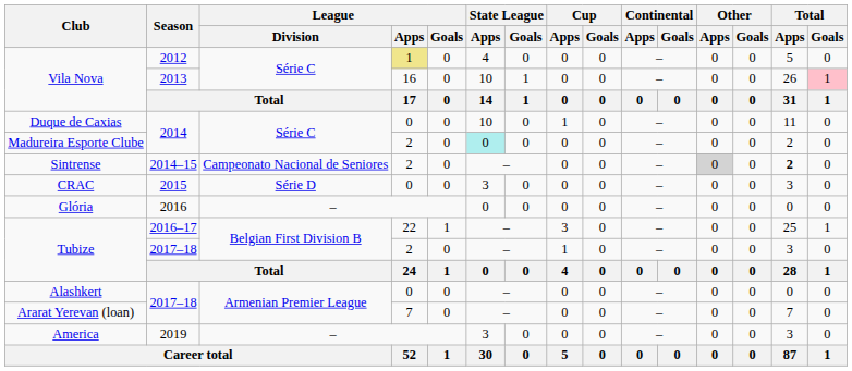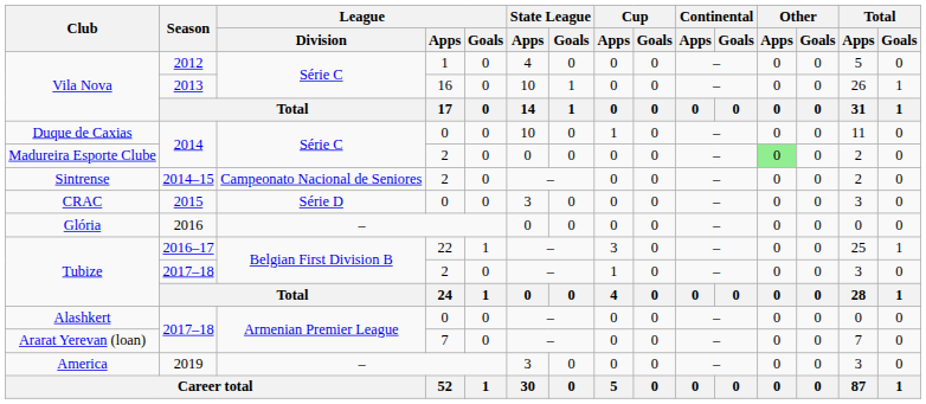 <table class="wikitable" style="text-align: center">
 <tr>
 <th rowspan="2">Club</th>
 <th rowspan="2">Season</th>
 <th colspan="3">League</th>
 <th colspan="2">State League</th>
 <th colspan="2">Cup</th>
 <th colspan="2">Continental</th>
 <th colspan="2">Other</th>
 <th colspan="2">Total</th>
 </tr>
 <tr>
 <th>Division</th>
 <th>Apps</th>
 <th>Goals</th>
 <th>Apps</th>
 <th>Goals</th>
 <th>Apps</th>
 <th>Goals</th>
 <th>Apps</th>
 <th>Goals</th>
 <th>Apps</th>
 <th>Goals</th>
 <th>Apps</th>
 <th>Goals</th>
 </tr>
 <tr>
 <td rowspan="3"><a href='#'>Vila Nova</a></td>
 <td><a href='#'>2012</a></td>
 <td rowspan="2"><a href='#'>Série C</a></td>
-<td style="background: khaki;">1</td>
+<td>1</td>
 <td>0</td>
 <td>4</td>
 <td>0</td>
 <td>0</td>
 <td>0</td>
 <td colspan="2">–</td>
 <td>0</td>
 <td>0</td>
 <td>5</td>
 <td>0</td>
 </tr>
 <tr>
 <td><a href='#'>2013</a></td>
 <td>16</td>
 <td>0</td>
 <td>10</td>
 <td>1</td>
 <td>0</td>
 <td>0</td>
 <td colspan="2">–</td>
 <td>0</td>
 <td>0</td>
 <td>26</td>
-<td style="background: pink;">1</td>
+<td>1</td>
 </tr>
 <tr>
 <th colspan="2"><strong>Total</strong></th>
 <th>17</th>
 <th>0</th>
 <th>14</th>
 <th>1</th>
 <th>0</th>
 <th>0</th>
 <th>0</th>
 <th>0</th>
 <th>0</th>
 <th>0</th>
 <th>31</th>
 <th>1</th>
 </tr>
 <tr>
 <td><a href='#'>Duque de Caxias</a></td>
 <td rowspan="2"><a href='#'>2014</a></td>
 <td rowspan="2"><a href='#'>Série C</a></td>
 <td>0</td>
 <td>0</td>
 <td>10</td>
 <td>0</td>
 <td>1</td>
 <td>0</td>
 <td colspan="2">–</td>
 <td>0</td>
 <td>0</td>
 <td>11</td>
 <td>0</td>
 </tr>
 <tr>
 <td><a href='#'>Madureira Esporte Clube</a></td>
 <td>2</td>
 <td>0</td>
-<td style="background: paleturquoise;">0</td>
+<td>0</td>
 <td>0</td>
 <td>0</td>
 <td>0</td>
 <td colspan="2">–</td>
-<td>0</td>
+<td style="background: lightgreen;">0</td>
 <td>0</td>
 <td>2</td>
 <td>0</td>
 </tr>
 <tr>
 <td><a href='#'>Sintrense</a></td>
 <td><a href='#'>2014–15</a></td>
 <td><a href='#'>Campeonato Nacional de Seniores</a></td>
 <td>2</td>
 <td>0</td>
 <td colspan="2">–</td>
 <td>0</td>
 <td>0</td>
 <td colspan="2">–</td>
-<td style="background: lightgrey;">0</td>
 <td>0</td>
-<td><strong>2</strong></td>
+<td>0</td>
+<td>2</td>
 <td>0</td>
 </tr>
 <tr>
 <td><a href='#'>CRAC</a></td>
 <td><a href='#'>2015</a></td>
 <td><a href='#'>Série D</a></td>
 <td>0</td>
 <td>0</td>
 <td>3</td>
 <td>0</td>
 <td>0</td>
 <td>0</td>
 <td colspan="2">–</td>
 <td>0</td>
 <td>0</td>
 <td>3</td>
 <td>0</td>
 </tr>
 <tr>
 <td><a href='#'>Glória</a></td>
 <td>2016</td>
 <td colspan="3">–</td>
 <td>0</td>
 <td>0</td>
 <td>0</td>
 <td>0</td>
 <td colspan="2">–</td>
 <td>0</td>
 <td>0</td>
 <td>0</td>
 <td>0</td>
 </tr>
 <tr>
 <td rowspan="3"><a href='#'>Tubize</a></td>
 <td><a href='#'>2016–17</a></td>
 <td rowspan="2"><a href='#'>Belgian First Division B</a></td>
 <td>22</td>
 <td>1</td>
 <td colspan="2">–</td>
 <td>3</td>
 <td>0</td>
 <td colspan="2">–</td>
 <td>0</td>
 <td>0</td>
 <td>25</td>
 <td>1</td>
 </tr>
 <tr>
 <td><a href='#'>2017–18</a></td>
 <td>2</td>
 <td>0</td>
 <td colspan="2">–</td>
 <td>1</td>
 <td>0</td>
 <td colspan="2">–</td>
 <td>0</td>
 <td>0</td>
 <td>3</td>
 <td>0</td>
 </tr>
 <tr>
 <th colspan="2"><strong>Total</strong></th>
 <th>24</th>
 <th>1</th>
 <th>0</th>
 <th>0</th>
 <th>4</th>
 <th>0</th>
 <th>0</th>
 <th>0</th>
 <th>0</th>
 <th>0</th>
 <th>28</th>
 <th>1</th>
 </tr>
 <tr>
 <td><a href='#'>Alashkert</a></td>
 <td rowspan="2"><a href='#'>2017–18</a></td>
 <td rowspan="2"><a href='#'>Armenian Premier League</a></td>
 <td>0</td>
 <td>0</td>
 <td colspan="2">–</td>
 <td>0</td>
 <td>0</td>
 <td colspan="2">–</td>
 <td>0</td>
 <td>0</td>
 <td>0</td>
 <td>0</td>
 </tr>
 <tr>
 <td><a href='#'>Ararat Yerevan</a> (loan)</td>
 <td>7</td>
 <td>0</td>
 <td colspan="2">–</td>
 <td>0</td>
 <td>0</td>
 <td colspan="2">–</td>
 <td>0</td>
 <td>0</td>
 <td>7</td>
 <td>0</td>
 </tr>
 <tr>
 <td><a href='#'>America</a></td>
 <td>2019</td>
 <td colspan="3">–</td>
 <td>3</td>
 <td>0</td>
 <td>0</td>
 <td>0</td>
 <td colspan="2">–</td>
 <td>0</td>
 <td>0</td>
 <td>3</td>
 <td>0</td>
 </tr>
 <tr>
 <th colspan=3>Career total</th>
 <th>52</th>
 <th>1</th>
 <th>30</th>
 <th>0</th>
 <th>5</th>
 <th>0</th>
 <th>0</th>
 <th>0</th>
 <th>0</th>
 <th>0</th>
 <th>87</th>
 <th>1</th>
 </tr>
 </table>
